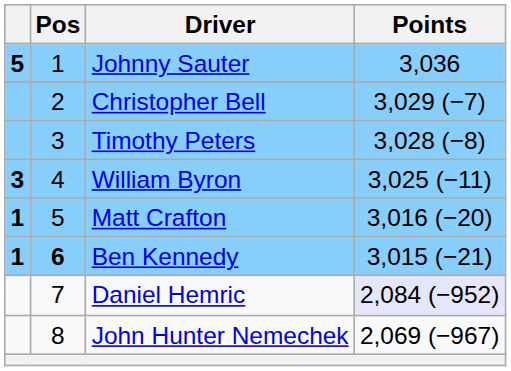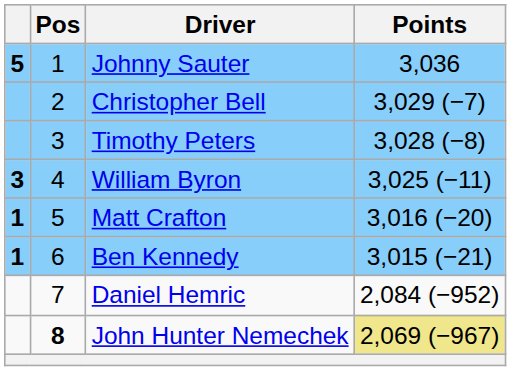 <table class="wikitable" style="font-size: 95%;">
 <tr>
 <th></th>
 <th>Pos</th>
 <th>Driver</th>
 <th>Points</th>
 </tr>
 <tr style="background:#87CEFA;">
 <td align="left"> <strong>5</strong></td>
 <td style="text-align:center;">1</td>
 <td><a href='#'>Johnny Sauter</a></td>
 <td style="text-align:center;">3,036</td>
 </tr>
 <tr style="background:#87CEFA;">
 <td align="left"></td>
 <td style="text-align:center;">2</td>
 <td><a href='#'>Christopher Bell</a></td>
 <td style="text-align:center;">3,029 (−7)</td>
 </tr>
 <tr style="background:#87CEFA;">
 <td align="left"></td>
 <td style="text-align:center;">3</td>
 <td><a href='#'>Timothy Peters</a></td>
 <td style="text-align:center;">3,028 (−8)</td>
 </tr>
 <tr style="background:#87CEFA;">
 <td align="left"> <strong>3</strong></td>
 <td style="text-align:center;">4</td>
 <td><a href='#'>William Byron</a></td>
 <td style="text-align:center;">3,025 (−11)</td>
 </tr>
 <tr style="background:#87CEFA;">
 <td align="left"> <strong>1</strong></td>
 <td style="text-align:center;">5</td>
 <td><a href='#'>Matt Crafton</a></td>
 <td style="text-align:center;">3,016 (−20)</td>
 </tr>
 <tr style="background:#87CEFA;">
 <td align="left"> <strong>1</strong></td>
-<td style="text-align:center;"><strong>6</strong></td>
+<td style="text-align:center;">6</td>
 <td><a href='#'>Ben Kennedy</a></td>
 <td style="text-align:center;">3,015 (−21)</td>
 </tr>
 <tr>
 <td align="left"></td>
 <td style="text-align:center;">7</td>
 <td><a href='#'>Daniel Hemric</a></td>
-<td style="background: lavender; text-align:center;">2,084 (−952)</td>
+<td style="text-align:center;">2,084 (−952)</td>
 </tr>
 <tr>
 <td align="left"></td>
-<td style="text-align:center;">8</td>
+<td style="text-align:center;"><strong>8</strong></td>
 <td><a href='#'>John Hunter Nemechek</a></td>
-<td style="text-align:center;">2,069 (−967)</td>
+<td style="background: khaki; text-align:center;">2,069 (−967)</td>
 </tr>
 <tr class="sortbottom">
 <th colspan="9"></th>
 </tr>
 </table>
